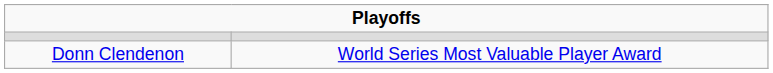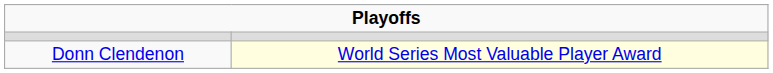 <table class="wikitable" style="width:55%;">
 <tr align="center">
 <td colspan="10" style="text-align:center;"><strong>Playoffs</strong></td>
 </tr>
 <tr style="text-align:center; background:#ddd;">
 <td></td>
 <td></td>
 </tr>
 <tr align="center">
 <td><a href='#'>Donn Clendenon</a></td>
-<td><a href='#'>World Series Most Valuable Player Award</a></td>
+<td style="background: lightyellow;"><a href='#'>World Series Most Valuable Player Award</a></td>
 </tr>
 </table>
